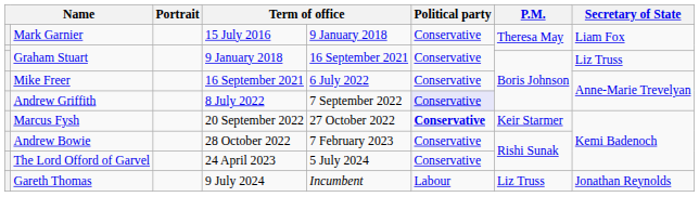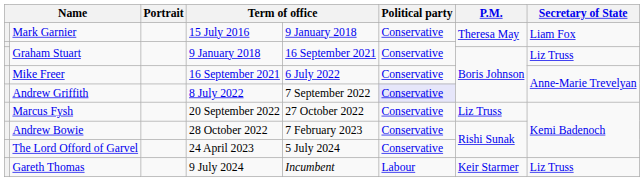 <table class="wikitable">
 <tr>
 <th colspan=2>Name</th>
 <th>Portrait</th>
 <th colspan=2>Term of office</th>
 <th>Political party</th>
 <th><a href='#'>P.M.</a></th>
 <th><a href='#'>Secretary of State</a></th>
 </tr>
 <tr>
 <th style="background-color: "></th>
 <td><a href='#'>Mark Garnier</a></td>
 <td></td>
 <td><a href='#'>15 July 2016</a></td>
 <td><a href='#'>9 January 2018</a></td>
 <td><a href='#'>Conservative</a></td>
 <td rowspan=2><a href='#'>Theresa May</a></td>
 <td rowspan=2><a href='#'>Liam Fox</a></td>
 </tr>
 <tr>
 <th style="background-color: "></th>
 <td rowspan=2><a href='#'>Graham Stuart</a></td>
 <td rowspan=2></td>
 <td rowspan=2><a href='#'>9 January 2018</a></td>
 <td rowspan=2><a href='#'>16 September 2021</a></td>
 <td rowspan=2><a href='#'>Conservative</a></td>
 </tr>
 <tr>
 <th style="background-color: "></th>
 <td rowspan=3><a href='#'>Boris Johnson</a></td>
 <td><a href='#'>Liz Truss</a></td>
 </tr>
 <tr>
 <th style="background-color: "></th>
 <td><a href='#'>Mike Freer</a></td>
 <td></td>
 <td><a href='#'>16 September 2021</a></td>
 <td><a href='#'>6 July 2022</a></td>
 <td><a href='#'>Conservative</a></td>
 <td rowspan=2><a href='#'>Anne-Marie Trevelyan</a></td>
 </tr>
 <tr>
 <th style="background-color: "></th>
 <td><a href='#'>Andrew Griffith</a></td>
 <td></td>
 <td><a href='#'>8 July 2022</a></td>
 <td>7 September 2022</td>
 <td style="background: lavender;"><a href='#'>Conservative</a></td>
 </tr>
 <tr>
 <th style="background-color: "></th>
 <td><a href='#'>Marcus Fysh</a></td>
 <td></td>
 <td>20 September 2022</td>
 <td>27 October 2022</td>
-<td><strong><a href='#'>Conservative</a></strong></td>
-<td rowspan=1><a href='#'>Keir Starmer</a></td>
+<td><a href='#'>Conservative</a></td>
+<td><a href='#'>Liz Truss</a></td>
 <td rowspan=3><a href='#'>Kemi Badenoch</a></td>
 </tr>
 <tr>
 <th style="background-color: "></th>
 <td><a href='#'>Andrew Bowie</a></td>
 <td></td>
 <td>28 October 2022</td>
 <td>7 February 2023</td>
 <td><a href='#'>Conservative</a></td>
 <td rowspan=2><a href='#'>Rishi Sunak</a></td>
 </tr>
 <tr>
 <th style="background-color: "></th>
 <td><a href='#'>The Lord Offord of Garvel</a></td>
 <td></td>
 <td>24 April 2023</td>
 <td>5 July 2024</td>
 <td><a href='#'>Conservative</a></td>
 </tr>
 <tr>
 <th style="background-color: "></th>
 <td><a href='#'>Gareth Thomas</a></td>
 <td></td>
 <td>9 July 2024</td>
 <td><em>Incumbent</em></td>
 <td><a href='#'>Labour</a></td>
+<td rowspan=1><a href='#'>Keir Starmer</a></td>
 <td><a href='#'>Liz Truss</a></td>
-<td rowspan=1><a href='#'>Jonathan Reynolds</a></td>
 </tr>
 </table>
